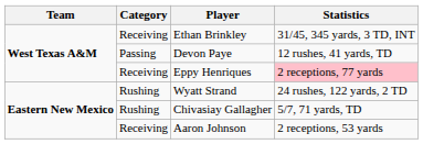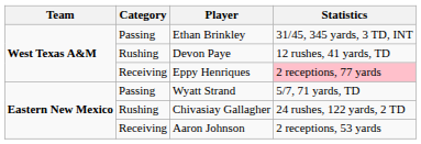 <table class="wikitable" style="float: left;">
 <tr>
 <th>Team</th>
 <th>Category</th>
 <th>Player</th>
 <th>Statistics</th>
 </tr>
 <tr>
 <td rowspan=3><strong>West Texas A&M</strong></td>
-<td>Receiving</td>
+<td>Passing</td>
 <td>Ethan Brinkley</td>
 <td>31/45, 345 yards, 3 TD, INT</td>
 </tr>
 <tr>
-<td>Passing</td>
+<td>Rushing</td>
 <td>Devon Paye</td>
 <td>12 rushes, 41 yards, TD</td>
 </tr>
 <tr>
 <td>Receiving</td>
 <td>Eppy Henriques</td>
 <td style="background: pink;">2 receptions, 77 yards</td>
 </tr>
 <tr>
 <td rowspan=3><strong>Eastern New Mexico</strong></td>
-<td>Rushing</td>
+<td>Passing</td>
 <td>Wyatt Strand</td>
-<td>24 rushes, 122 yards, 2 TD</td>
+<td>5/7, 71 yards, TD</td>
 </tr>
 <tr>
 <td>Rushing</td>
 <td>Chivasiay Gallagher</td>
-<td>5/7, 71 yards, TD</td>
+<td>24 rushes, 122 yards, 2 TD</td>
 </tr>
 <tr>
 <td>Receiving</td>
 <td>Aaron Johnson</td>
 <td>2 receptions, 53 yards</td>
 </tr>
 </table>
